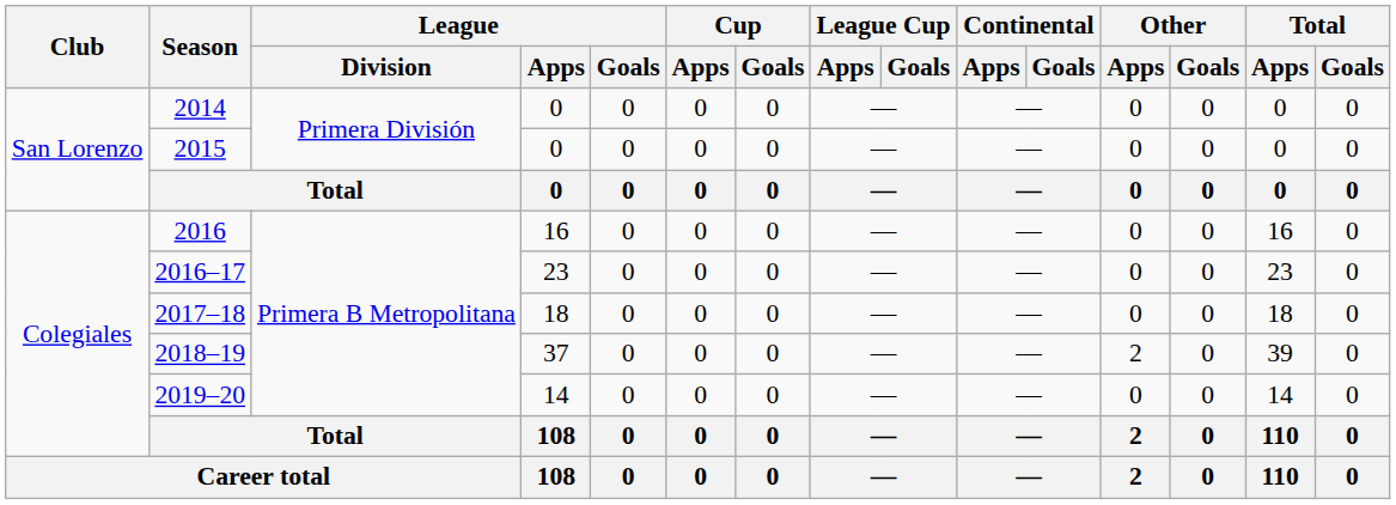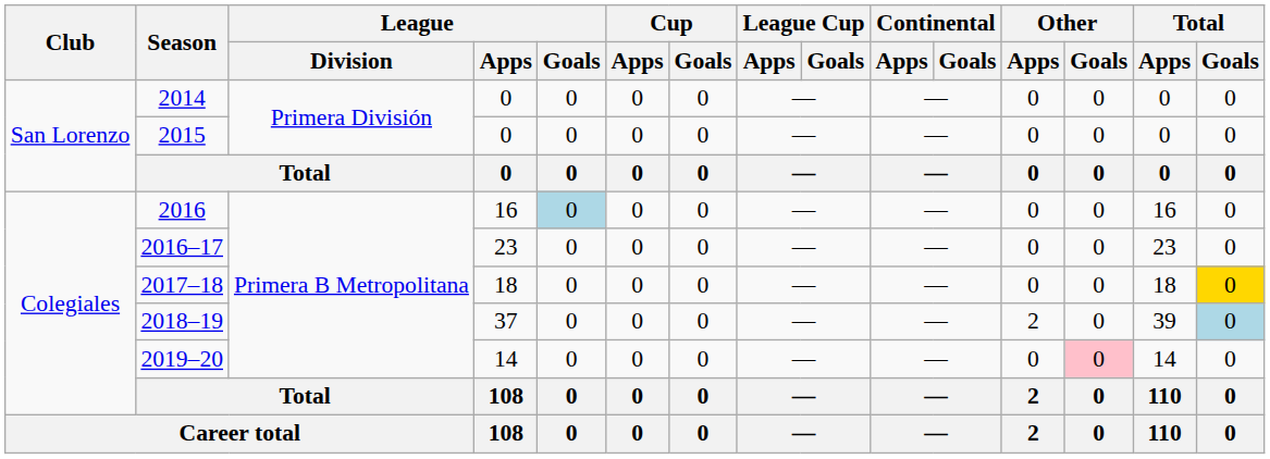 <table class="wikitable" style="text-align:center">
 <tr>
 <th rowspan="2">Club</th>
 <th rowspan="2">Season</th>
 <th colspan="3">League</th>
 <th colspan="2">Cup</th>
 <th colspan="2">League Cup</th>
 <th colspan="2">Continental</th>
 <th colspan="2">Other</th>
 <th colspan="2">Total</th>
 </tr>
 <tr>
 <th>Division</th>
 <th>Apps</th>
 <th>Goals</th>
 <th>Apps</th>
 <th>Goals</th>
 <th>Apps</th>
 <th>Goals</th>
 <th>Apps</th>
 <th>Goals</th>
 <th>Apps</th>
 <th>Goals</th>
 <th>Apps</th>
 <th>Goals</th>
 </tr>
 <tr>
 <td rowspan="3"><a href='#'>San Lorenzo</a></td>
 <td><a href='#'>2014</a></td>
 <td rowspan="2"><a href='#'>Primera División</a></td>
 <td>0</td>
 <td>0</td>
 <td>0</td>
 <td>0</td>
 <td colspan="2">—</td>
 <td colspan="2">—</td>
 <td>0</td>
 <td>0</td>
 <td>0</td>
 <td>0</td>
 </tr>
 <tr>
 <td><a href='#'>2015</a></td>
 <td>0</td>
 <td>0</td>
 <td>0</td>
 <td>0</td>
 <td colspan="2">—</td>
 <td colspan="2">—</td>
 <td>0</td>
 <td>0</td>
 <td>0</td>
 <td>0</td>
 </tr>
 <tr>
 <th colspan="2">Total</th>
 <th>0</th>
 <th>0</th>
 <th>0</th>
 <th>0</th>
 <th colspan="2">—</th>
 <th colspan="2">—</th>
 <th>0</th>
 <th>0</th>
 <th>0</th>
 <th>0</th>
 </tr>
 <tr>
 <td rowspan="6"><a href='#'>Colegiales</a></td>
 <td><a href='#'>2016</a></td>
 <td rowspan="5"><a href='#'>Primera B Metropolitana</a></td>
 <td>16</td>
-<td>0</td>
+<td style="background: lightblue;">0</td>
 <td>0</td>
 <td>0</td>
 <td colspan="2">—</td>
 <td colspan="2">—</td>
 <td>0</td>
 <td>0</td>
 <td>16</td>
 <td>0</td>
 </tr>
 <tr>
 <td><a href='#'>2016–17</a></td>
 <td>23</td>
 <td>0</td>
 <td>0</td>
 <td>0</td>
 <td colspan="2">—</td>
 <td colspan="2">—</td>
 <td>0</td>
 <td>0</td>
 <td>23</td>
 <td>0</td>
 </tr>
 <tr>
 <td><a href='#'>2017–18</a></td>
 <td>18</td>
 <td>0</td>
 <td>0</td>
 <td>0</td>
 <td colspan="2">—</td>
 <td colspan="2">—</td>
 <td>0</td>
 <td>0</td>
 <td>18</td>
-<td>0</td>
+<td style="background: gold;">0</td>
 </tr>
 <tr>
 <td><a href='#'>2018–19</a></td>
 <td>37</td>
 <td>0</td>
 <td>0</td>
 <td>0</td>
 <td colspan="2">—</td>
 <td colspan="2">—</td>
 <td>2</td>
 <td>0</td>
 <td>39</td>
-<td>0</td>
+<td style="background: lightblue;">0</td>
 </tr>
 <tr>
 <td><a href='#'>2019–20</a></td>
 <td>14</td>
 <td>0</td>
 <td>0</td>
 <td>0</td>
 <td colspan="2">—</td>
 <td colspan="2">—</td>
 <td>0</td>
-<td>0</td>
+<td style="background: pink;">0</td>
 <td>14</td>
 <td>0</td>
 </tr>
 <tr>
 <th colspan="2">Total</th>
 <th>108</th>
 <th>0</th>
 <th>0</th>
 <th>0</th>
 <th colspan="2">—</th>
 <th colspan="2">—</th>
 <th>2</th>
 <th>0</th>
 <th>110</th>
 <th>0</th>
 </tr>
 <tr>
 <th colspan="3">Career total</th>
 <th>108</th>
 <th>0</th>
 <th>0</th>
 <th>0</th>
 <th colspan="2">—</th>
 <th colspan="2">—</th>
 <th>2</th>
 <th>0</th>
 <th>110</th>
 <th>0</th>
 </tr>
 </table>
